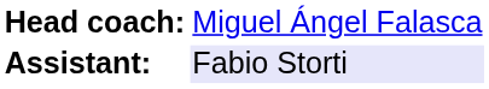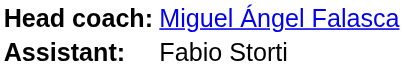 <table>
 <tr>
 <td><strong>Head coach:</strong></td>
 <td> <a href='#'>Miguel Ángel Falasca</a></td>
 </tr>
 <tr>
 <td><strong>Assistant:</strong></td>
-<td style="background: lavender;"> Fabio Storti</td>
+<td> Fabio Storti</td>
 </tr>
 <tr>
 </tr>
 </table>
